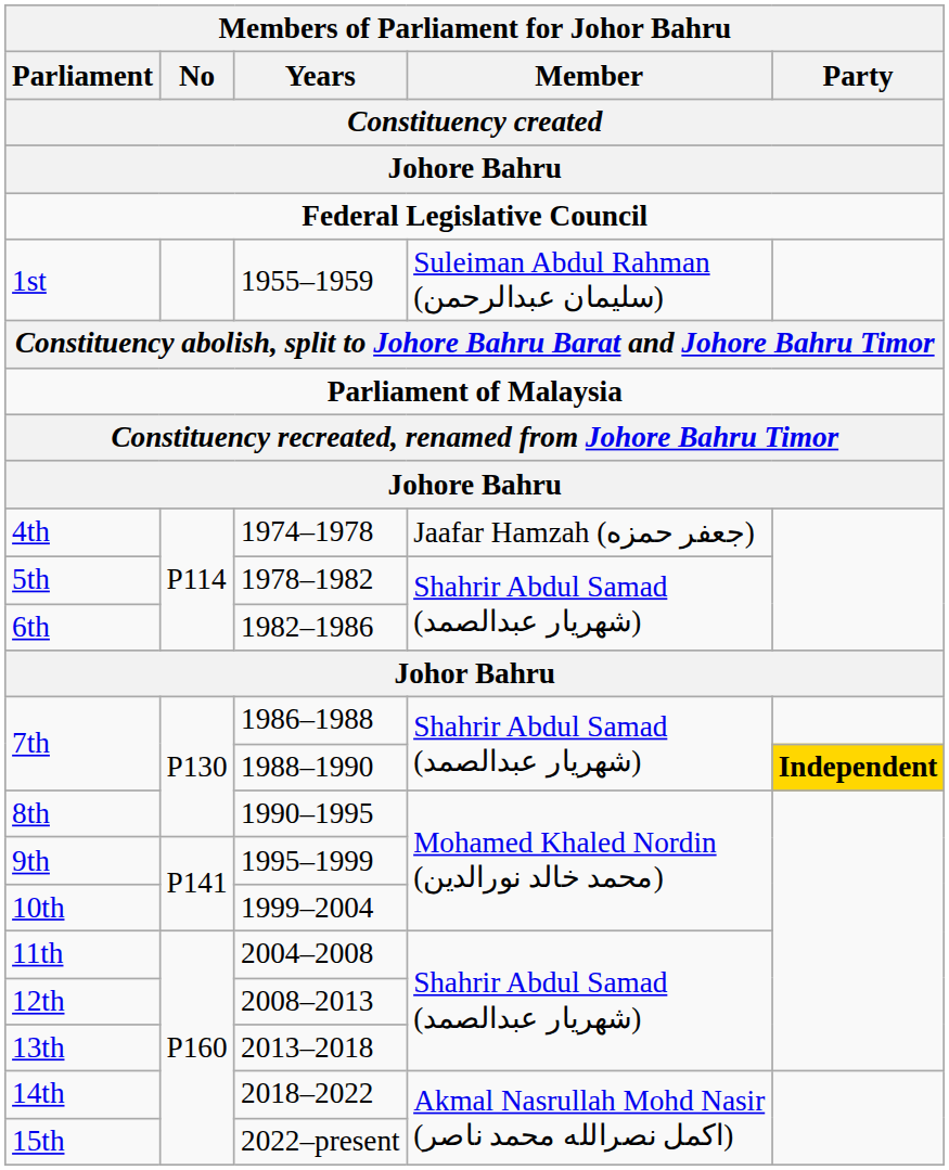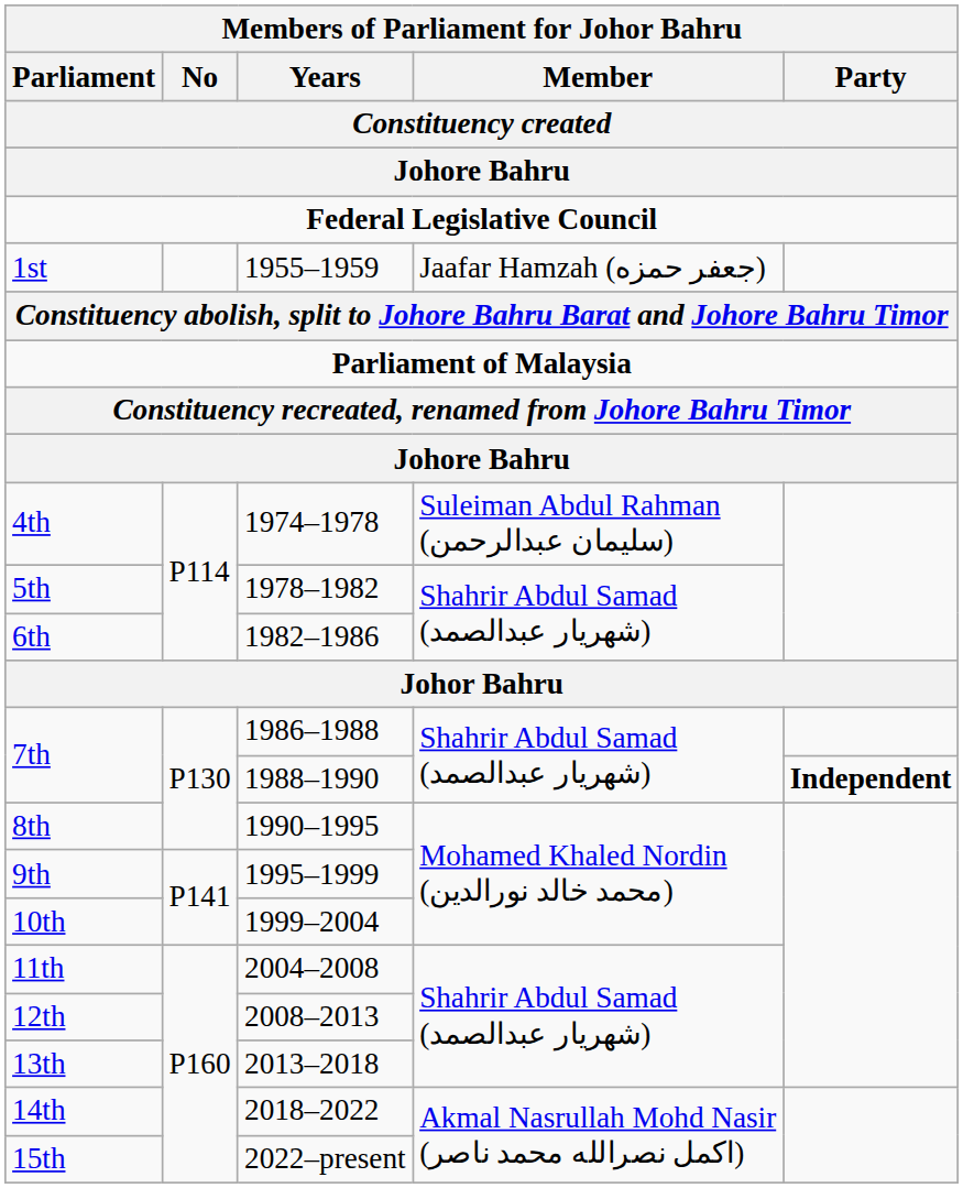 <table class=wikitable>
 <tr>
 <th colspan="5">Members of Parliament for Johor Bahru</th>
 </tr>
 <tr>
 <th>Parliament</th>
 <th>No</th>
 <th>Years</th>
 <th>Member</th>
 <th>Party</th>
 </tr>
 <tr>
 <th colspan="5"><em>Constituency created</em></th>
 </tr>
 <tr>
 <th colspan="5">Johore Bahru</th>
 </tr>
 <tr>
 <td colspan="5" align="center"><strong>Federal Legislative Council</strong></td>
 </tr>
 <tr>
 <td><a href='#'>1st</a></td>
 <td></td>
 <td>1955–1959</td>
-<td><a href='#'>Suleiman Abdul Rahman</a> <br> (سليمان عبدالرحمن)</td>
+<td>Jaafar Hamzah (جعفر حمزه)</td>
 <td></td>
 </tr>
 <tr>
 <th colspan="5"><em>Constituency abolish, split to <a href='#'>Johore Bahru Barat</a> and <a href='#'>Johore Bahru Timor</a></em></th>
 </tr>
 <tr>
 <td colspan="5" align="center"><strong>Parliament of Malaysia</strong></td>
 </tr>
 <tr>
 <th colspan="5" align="center"><em>Constituency recreated, renamed from <a href='#'>Johore Bahru Timor</a></em></th>
 </tr>
 <tr>
 <th colspan="5" align="center">Johore Bahru</th>
 </tr>
 <tr>
 <td><a href='#'>4th</a></td>
 <td rowspan="3">P114</td>
 <td>1974–1978</td>
-<td>Jaafar Hamzah (جعفر حمزه)</td>
+<td><a href='#'>Suleiman Abdul Rahman</a> <br> (سليمان عبدالرحمن)</td>
 <td rowspan="3"></td>
 </tr>
 <tr>
 <td><a href='#'>5th</a></td>
 <td>1978–1982</td>
 <td rowspan=2><a href='#'>Shahrir Abdul Samad</a>  <br>(شهريار عبدالصمد‎)</td>
 </tr>
 <tr>
 <td><a href='#'>6th</a></td>
 <td>1982–1986</td>
 </tr>
 <tr>
 <th colspan="5" align="center">Johor Bahru</th>
 </tr>
 <tr>
 <td rowspan=2><a href='#'>7th</a></td>
 <td rowspan="3">P130</td>
 <td>1986–1988</td>
 <td rowspan=2><a href='#'>Shahrir Abdul Samad</a>  <br>(شهريار عبدالصمد‎)</td>
 <td></td>
 </tr>
 <tr>
 <td>1988–1990</td>
-<td style="background: gold;"><strong>Independent</strong></td>
+<td><strong>Independent</strong></td>
 </tr>
 <tr>
 <td><a href='#'>8th</a></td>
 <td>1990–1995</td>
 <td rowspan=3><a href='#'>Mohamed Khaled Nordin</a>  <br>(محمد خالد نورالدين‎)</td>
 <td rowspan=6></td>
 </tr>
 <tr>
 <td><a href='#'>9th</a></td>
 <td rowspan="2">P141</td>
 <td>1995–1999</td>
 </tr>
 <tr>
 <td><a href='#'>10th</a></td>
 <td>1999–2004</td>
 </tr>
 <tr>
 <td><a href='#'>11th</a></td>
 <td rowspan="5">P160</td>
 <td>2004–2008</td>
 <td rowspan=3><a href='#'>Shahrir Abdul Samad</a>  <br>(شهريار عبدالصمد‎)</td>
 </tr>
 <tr>
 <td><a href='#'>12th</a></td>
 <td>2008–2013</td>
 </tr>
 <tr>
 <td><a href='#'>13th</a></td>
 <td>2013–2018</td>
 </tr>
 <tr>
 <td><a href='#'>14th</a></td>
 <td>2018–2022</td>
 <td rowspan="2"><a href='#'>Akmal Nasrullah Mohd Nasir</a> <br> (اكمل نصرالله محمد ناصر)</td>
 <td rowspan="2"></td>
 </tr>
 <tr>
 <td><a href='#'>15th</a></td>
 <td>2022–present</td>
 </tr>
 </table>
